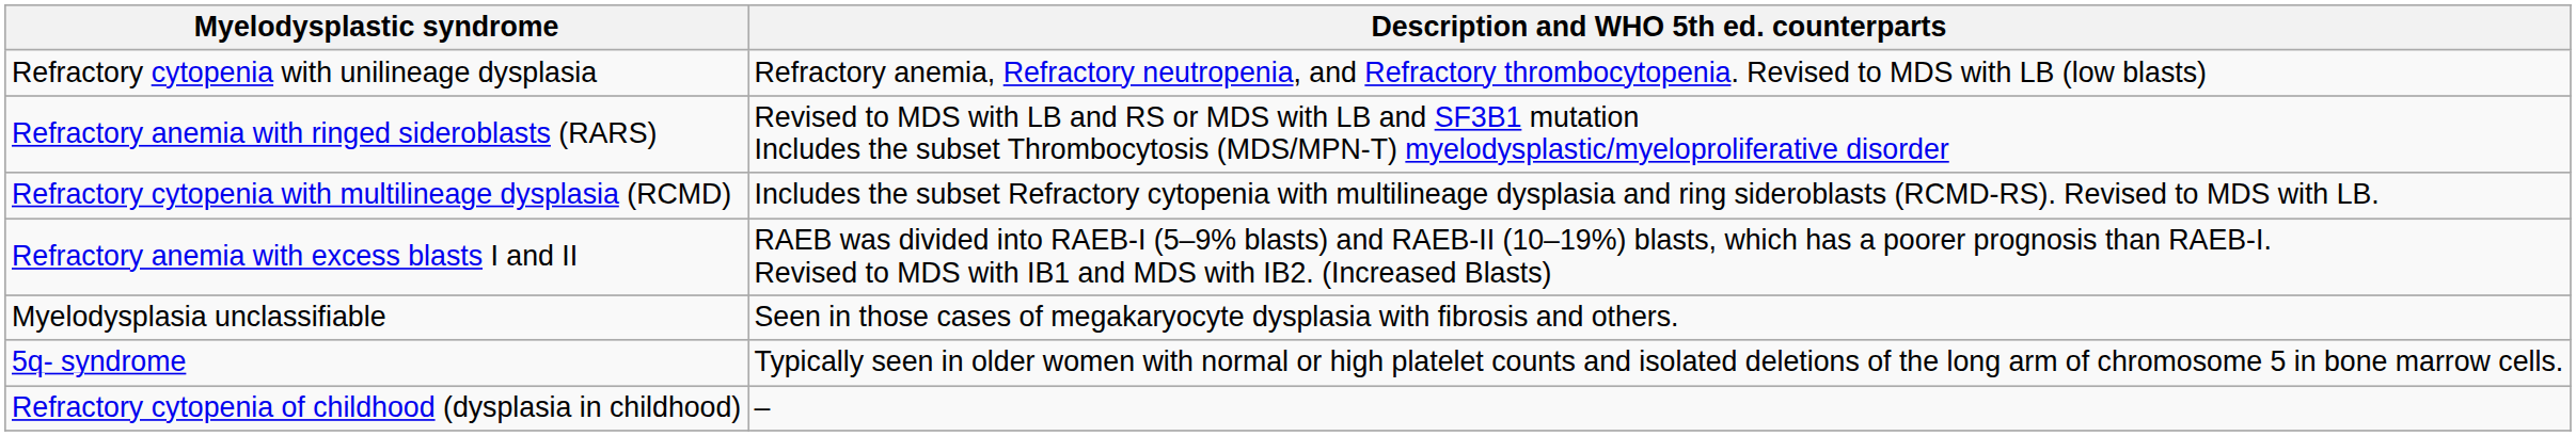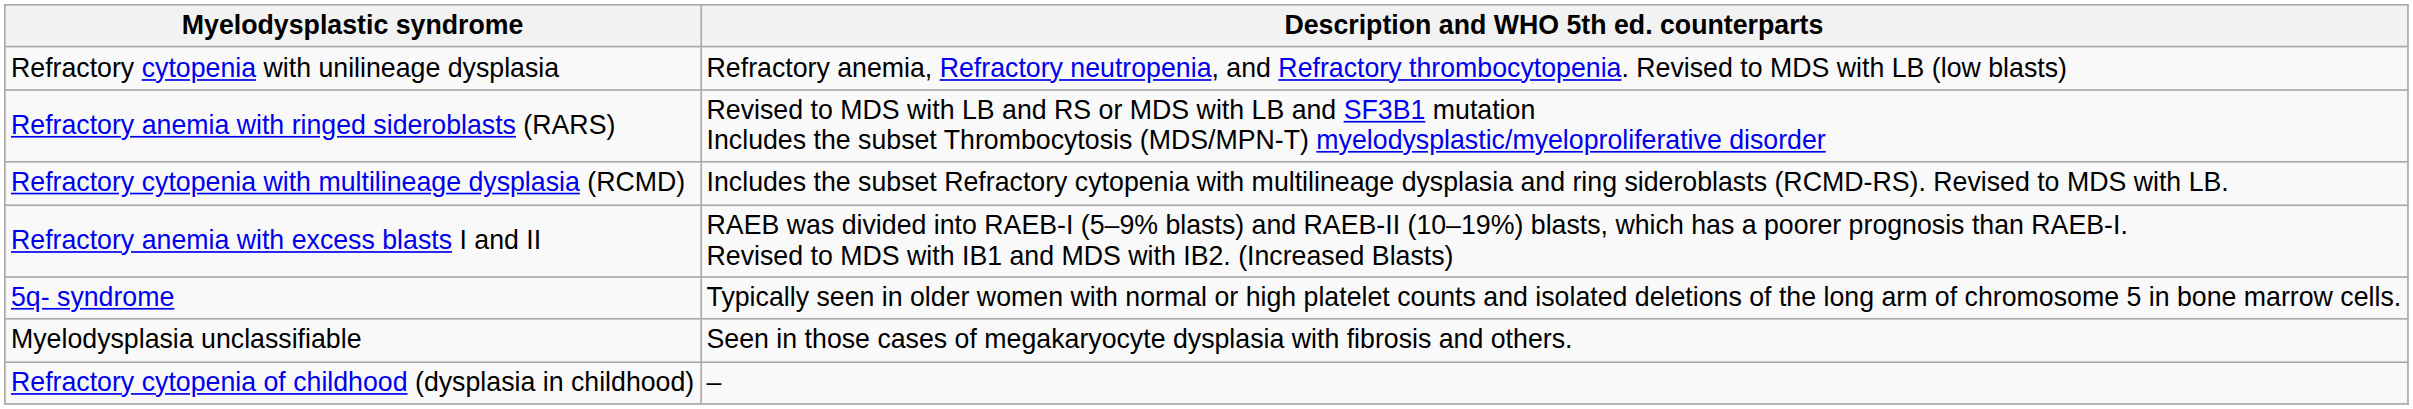 <table class="wikitable">
 <tr>
 <th>Myelodysplastic syndrome</th>
 <th>Description and WHO 5th ed. counterparts</th>
 </tr>
 <tr>
 <td>Refractory <a href='#'>cytopenia</a> with unilineage dysplasia</td>
 <td>Refractory anemia, <a href='#'>Refractory neutropenia</a>, and <a href='#'>Refractory thrombocytopenia</a>.  Revised to MDS with LB (low blasts)</td>
 </tr>
 <tr>
 <td><a href='#'>Refractory anemia with ringed sideroblasts</a> (RARS)</td>
 <td>Revised to MDS with LB and RS or MDS with LB and <a href='#'>SF3B1</a> mutation<br>Includes the subset Thrombocytosis (MDS/MPN-T) <a href='#'>myelodysplastic/myeloproliferative disorder</a></td>
 </tr>
 <tr>
 <td><a href='#'>Refractory cytopenia with multilineage dysplasia</a> (RCMD)</td>
 <td>Includes the subset Refractory cytopenia with multilineage dysplasia and ring sideroblasts (RCMD-RS). Revised to MDS with LB.</td>
 </tr>
 <tr>
 <td><a href='#'>Refractory anemia with excess blasts</a> I and II</td>
 <td>RAEB was divided into RAEB-I (5–9% blasts) and RAEB-II (10–19%) blasts, which has a poorer prognosis than RAEB-I.<br>Revised to MDS with IB1 and MDS with IB2. (Increased Blasts)</td>
 </tr>
 <tr>
+<td><a href='#'>5q- syndrome</a></td>
+<td>Typically seen in older women with normal or high platelet counts and isolated deletions of the long arm of chromosome 5 in bone marrow cells.</td>
+</tr>
+<tr>
 <td>Myelodysplasia unclassifiable</td>
 <td>Seen in those cases of megakaryocyte dysplasia with fibrosis and others.</td>
-</tr>
-<tr>
-<td><a href='#'>5q- syndrome</a></td>
-<td>Typically seen in older women with normal or high platelet counts and isolated deletions of the long arm of chromosome 5 in bone marrow cells.</td>
 </tr>
 <tr>
 <td><a href='#'>Refractory cytopenia of childhood</a> (dysplasia in childhood)</td>
 <td>–</td>
 </tr>
 </table>
